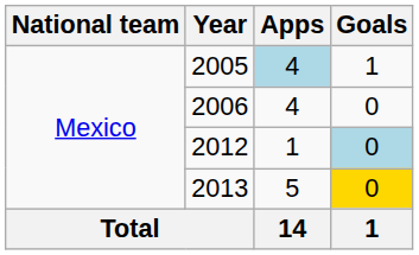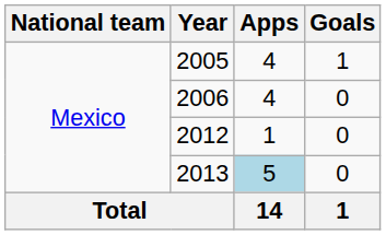 <table class="wikitable" style="text-align: center;">
 <tr>
 <th>National team</th>
 <th>Year</th>
 <th>Apps</th>
 <th>Goals</th>
 </tr>
 <tr>
 <td rowspan="4" valign="center"><a href='#'>Mexico</a></td>
 <td>2005</td>
-<td style="background: lightblue;">4</td>
+<td>4</td>
 <td>1</td>
 </tr>
 <tr>
 <td>2006</td>
 <td>4</td>
 <td>0</td>
 </tr>
 <tr>
 <td>2012</td>
 <td>1</td>
-<td style="background: lightblue;">0</td>
+<td>0</td>
 </tr>
 <tr>
 <td>2013</td>
-<td>5</td>
-<td style="background: gold;">0</td>
+<td style="background: lightblue;">5</td>
+<td>0</td>
 </tr>
 <tr>
 <th colspan="2">Total</th>
 <th>14</th>
 <th>1</th>
 </tr>
 </table>
